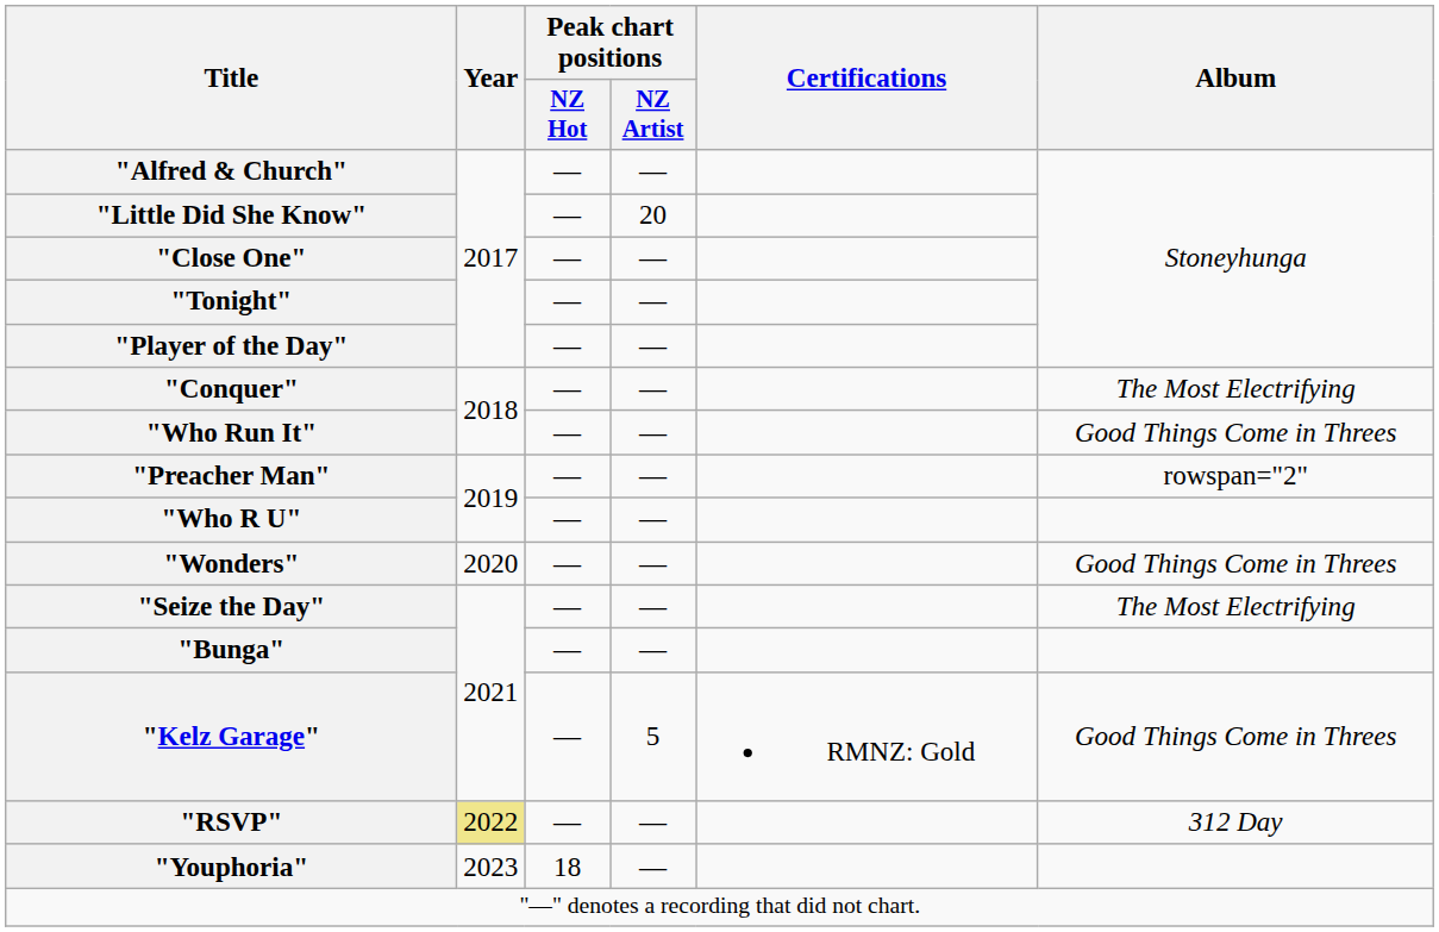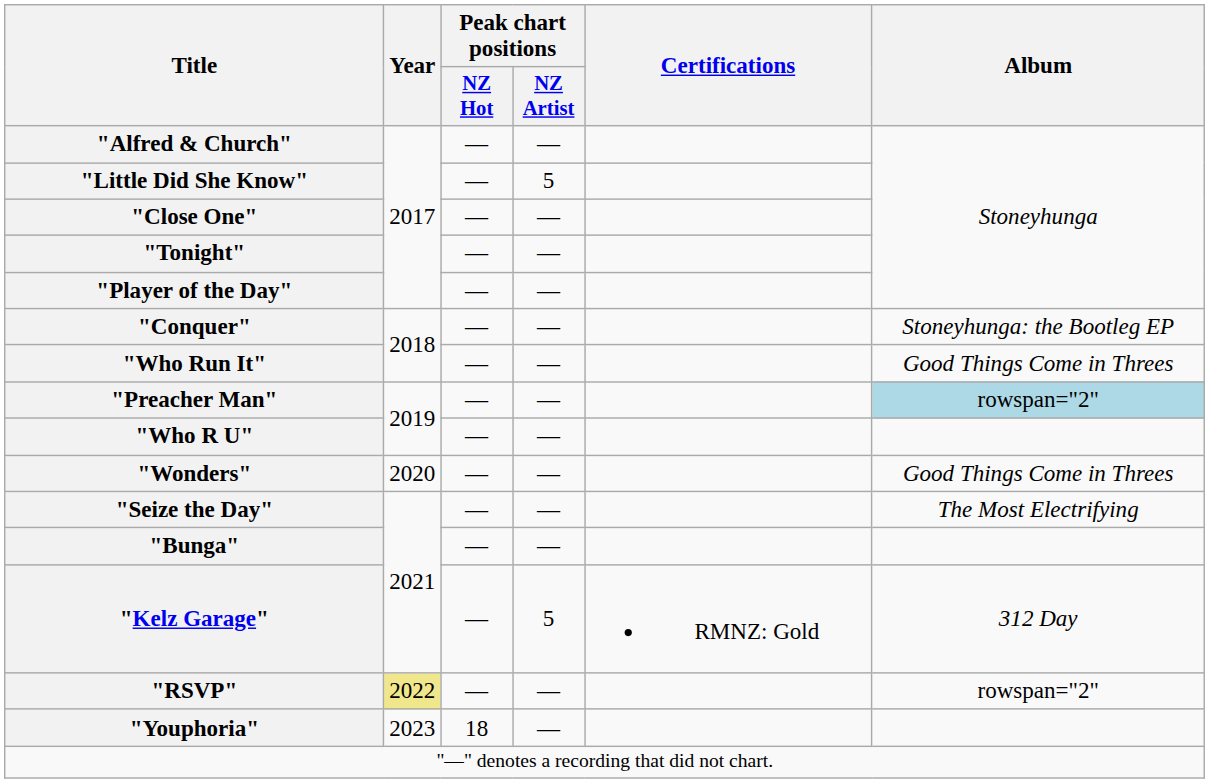 <table class="wikitable plainrowheaders" style="text-align:center;">
 <tr>
 <th scope="col" rowspan="2" style="width:16em;">Title</th>
 <th scope="col" rowspan="2" style="width:1em;">Year</th>
 <th scope="col" colspan="2">Peak chart positions</th>
 <th scope="col" rowspan="2" style="width:12em;"><a href='#'>Certifications</a></th>
 <th scope="col" rowspan="2" style="width:14em;">Album</th>
 </tr>
 <tr>
 <th scope="col" style="width:3em;font-size:90%;"><a href='#'>NZ<br>Hot</a><br></th>
 <th scope="col" style="width:3em;font-size:90%;"><a href='#'>NZ<br>Artist</a><br></th>
 </tr>
 <tr>
 <th scope="row">"Alfred & Church"</th>
 <td rowspan="5">2017</td>
 <td>—</td>
 <td>—</td>
 <td></td>
 <td rowspan="5"><em>Stoneyhunga</em></td>
 </tr>
 <tr>
 <th scope="row">"Little Did She Know"</th>
 <td>—</td>
-<td>20</td>
+<td>5</td>
 <td></td>
 </tr>
 <tr>
 <th scope="row">"Close One"<br></th>
 <td>—</td>
 <td>—</td>
 <td></td>
 </tr>
 <tr>
 <th scope="row">"Tonight"<br></th>
 <td>—</td>
 <td>—</td>
 <td></td>
 </tr>
 <tr>
 <th scope="row">"Player of the Day"</th>
 <td>—</td>
 <td>—</td>
 <td></td>
 </tr>
 <tr>
 <th scope="row">"Conquer"</th>
 <td rowspan="2">2018</td>
 <td>—</td>
 <td>—</td>
 <td></td>
-<td><em>The Most Electrifying</em></td>
+<td><em>Stoneyhunga: the Bootleg EP</em></td>
 </tr>
 <tr>
 <th scope="row">"Who Run It"</th>
 <td>—</td>
 <td>—</td>
 <td></td>
 <td><em>Good Things Come in Threes</em></td>
 </tr>
 <tr>
 <th scope="row">"Preacher Man"</th>
 <td rowspan="2">2019</td>
 <td>—</td>
 <td>—</td>
 <td></td>
-<td>rowspan="2" </td>
+<td style="background: lightblue;">rowspan="2" </td>
 </tr>
 <tr>
 <th scope="row">"Who R U"</th>
 <td>—</td>
 <td>—</td>
 <td></td>
 </tr>
 <tr>
 <th scope="row">"Wonders"<br></th>
 <td>2020</td>
 <td>—</td>
 <td>—</td>
 <td></td>
 <td><em>Good Things Come in Threes</em></td>
 </tr>
 <tr>
 <th scope="row">"Seize the Day"<br></th>
 <td rowspan="3">2021</td>
 <td>—</td>
 <td>—</td>
 <td></td>
 <td><em>The Most Electrifying</em></td>
 </tr>
 <tr>
 <th scope="row">"Bunga"</th>
 <td>—</td>
 <td>—</td>
 <td></td>
 </tr>
 <tr>
 <th scope="row">"<a href='#'>Kelz Garage</a>"<br></th>
 <td>—</td>
 <td>5</td>
 <td><br><ul><li>RMNZ: Gold</li></ul></td>
-<td><em>Good Things Come in Threes</em></td>
+<td><em>312 Day</em></td>
 </tr>
 <tr>
 <th scope="row">"RSVP"</th>
 <td style="background: khaki;">2022</td>
 <td>—</td>
 <td>—</td>
 <td></td>
-<td><em>312 Day</em></td>
+<td>rowspan="2" </td>
 </tr>
 <tr>
 <th scope="row">"Youphoria"<br></th>
 <td>2023</td>
 <td>18</td>
 <td>—</td>
 <td></td>
 </tr>
 <tr>
 <td colspan="8" style="font-size:85%;">"—" denotes a recording that did not chart.</td>
 </tr>
 </table>
